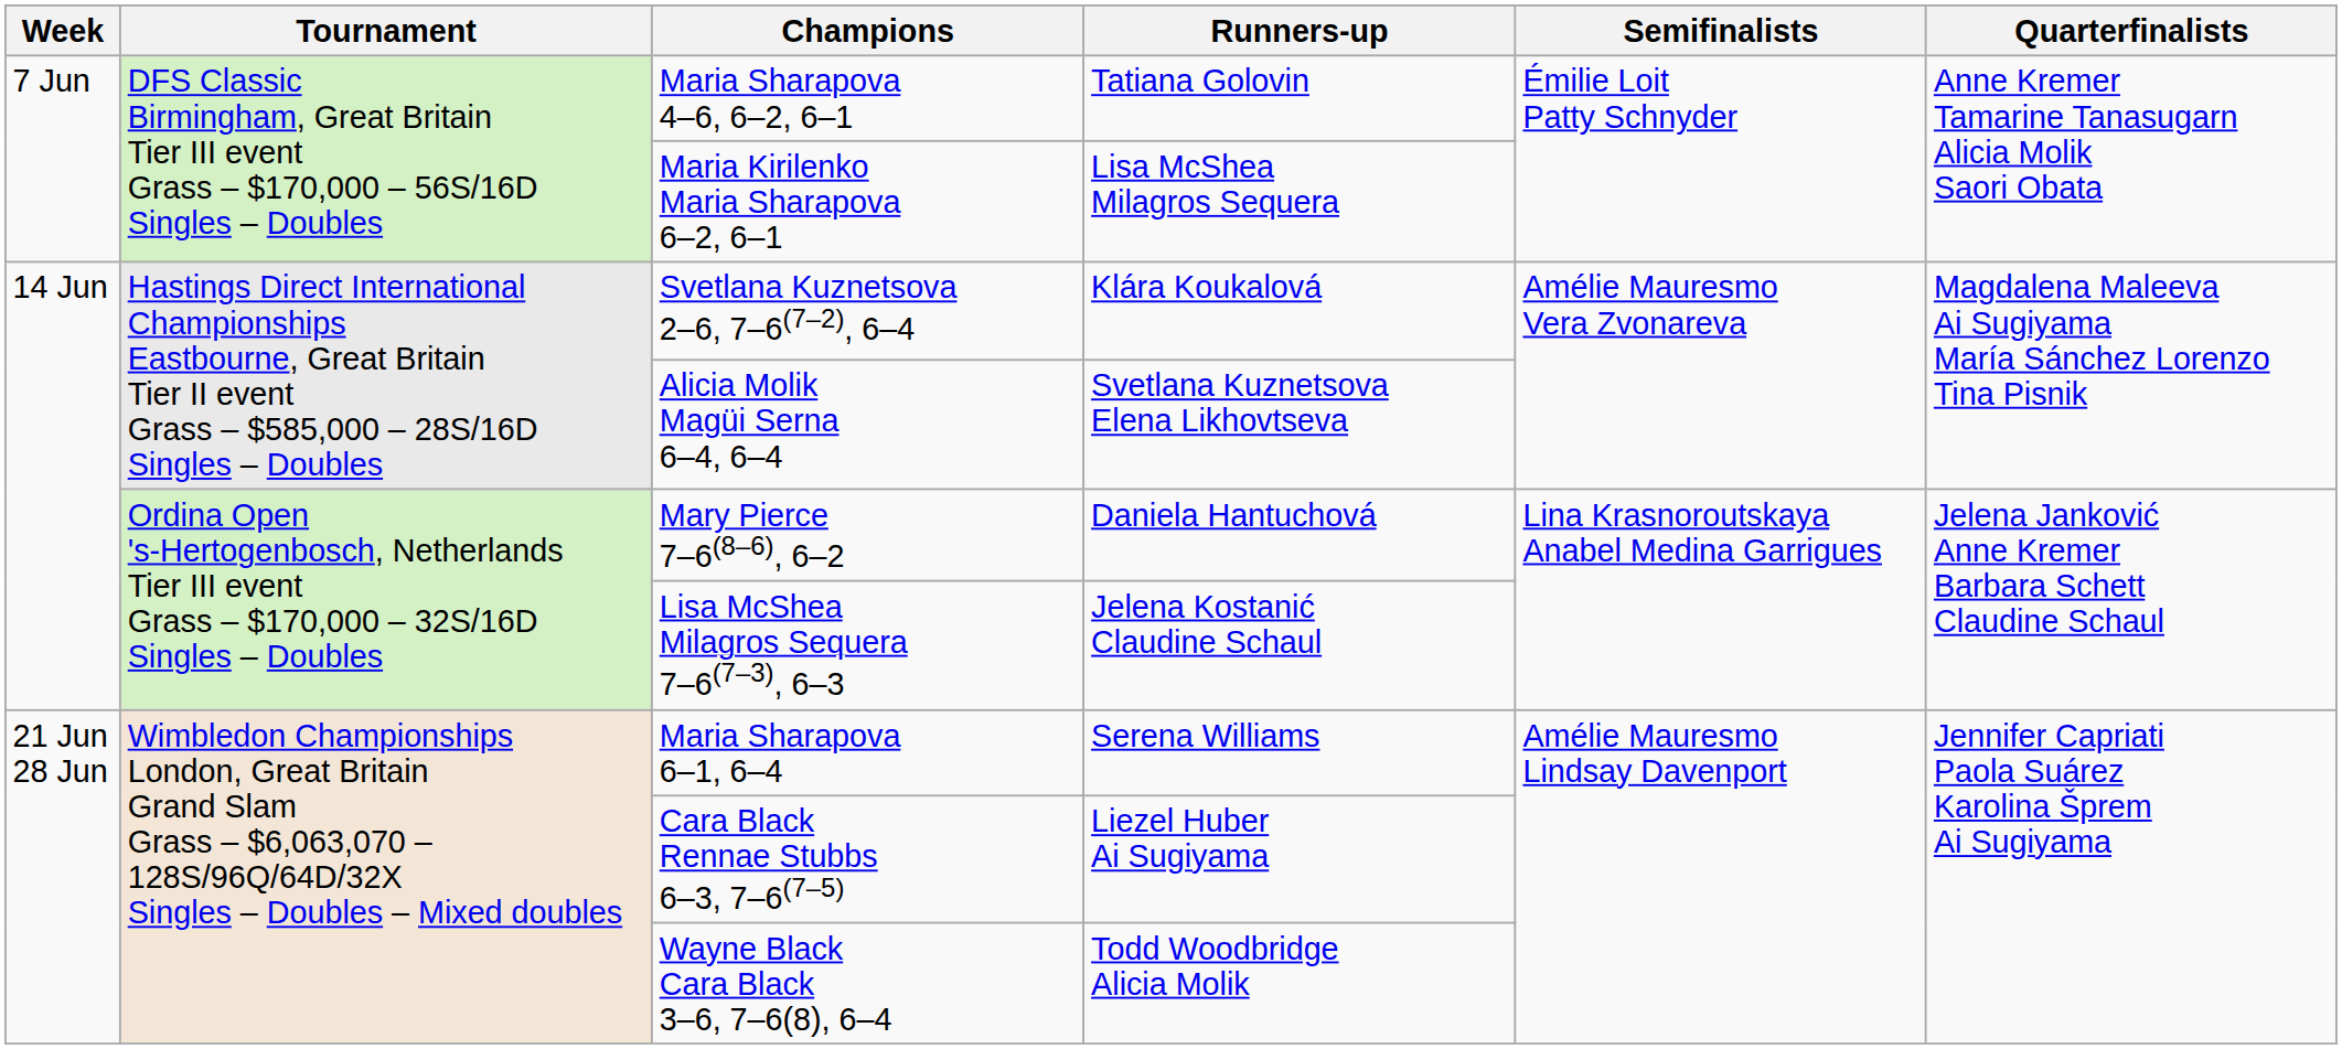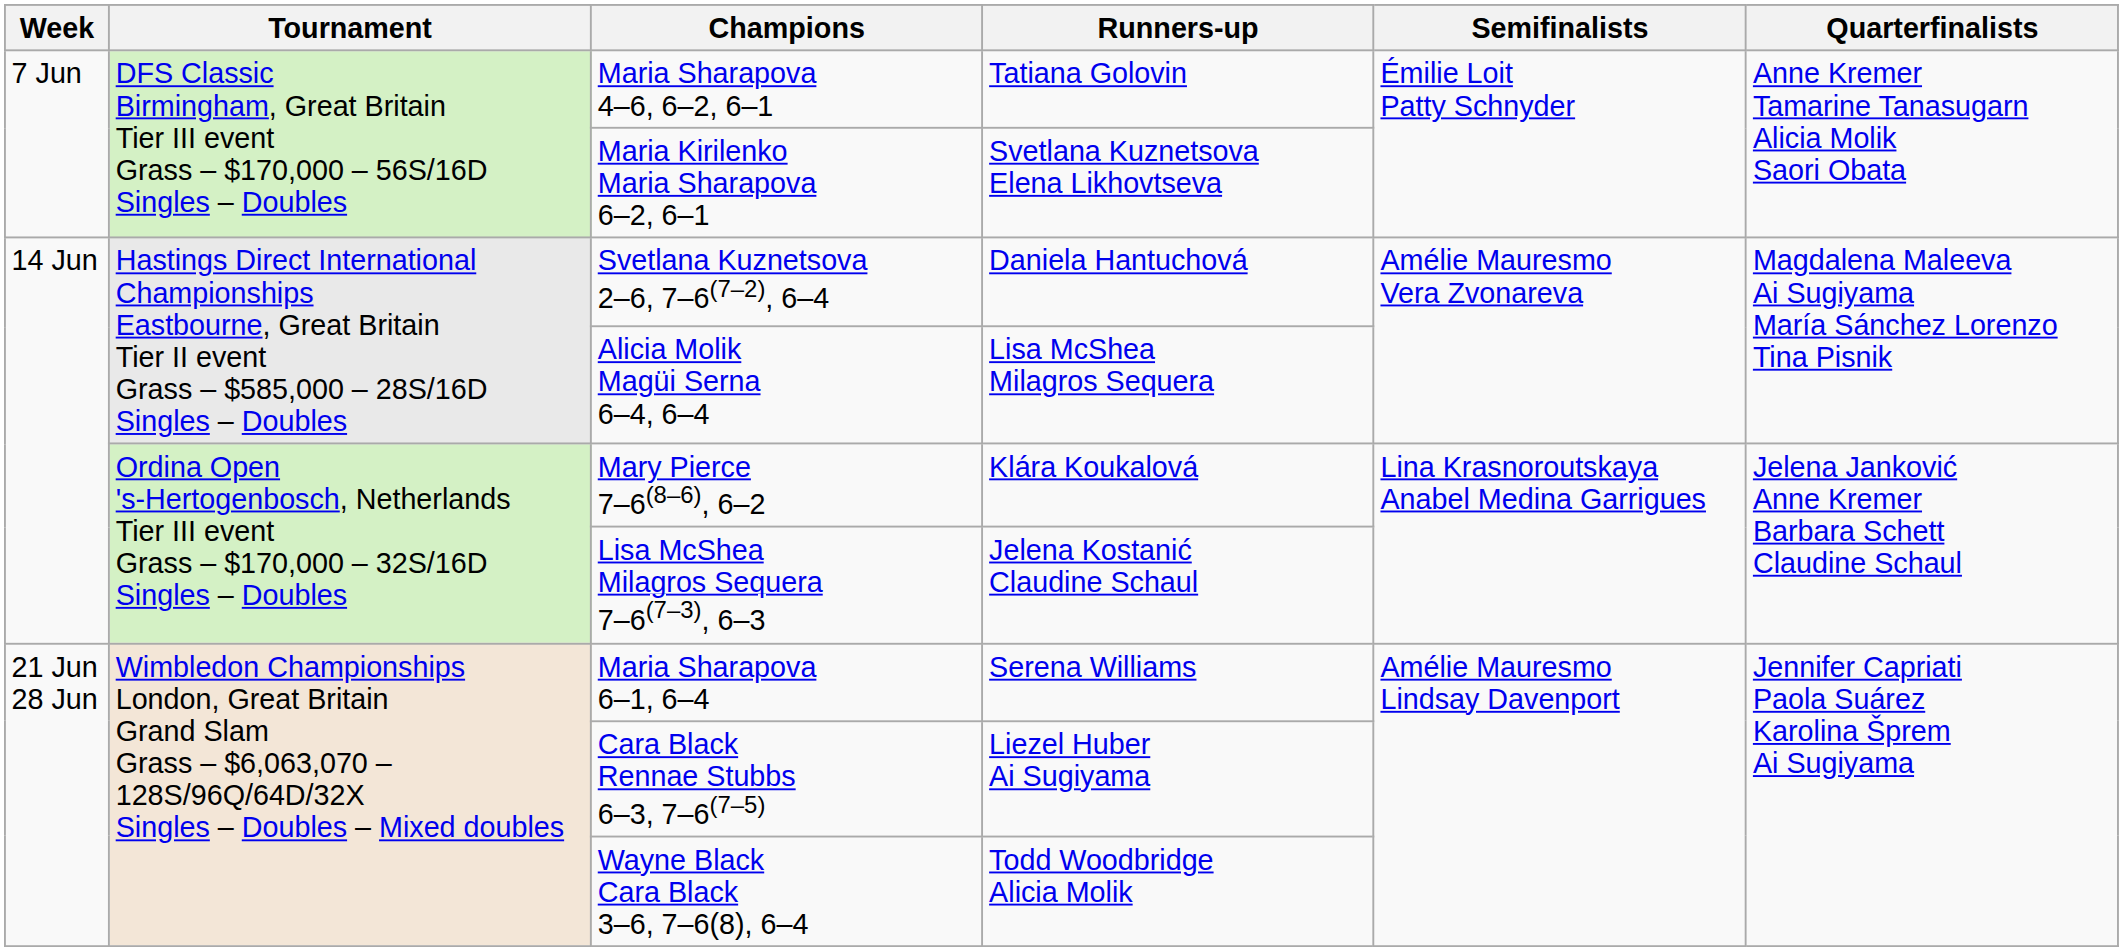 <table class=wikitable style=font-size:95%>
 <tr>
 <th style="width:48px;">Week</th>
 <th style="width:248px;">Tournament</th>
 <th style="width:200px;">Champions</th>
 <th style="width:200px;">Runners-up</th>
 <th style="width:190px;">Semifinalists</th>
 <th style="width:190px;">Quarterfinalists</th>
 </tr>
 <tr valign="top">
 <td rowspan=2>7 Jun</td>
 <td rowspan=2 style="background:#d4f1c5;"><a href='#'>DFS Classic</a><br> <a href='#'>Birmingham</a>, Great Britain <br>Tier III event <br> Grass – $170,000 – 56S/16D<br> <a href='#'>Singles</a> – <a href='#'>Doubles</a></td>
 <td> <a href='#'>Maria Sharapova</a> <br> 4–6, 6–2, 6–1</td>
 <td> <a href='#'>Tatiana Golovin</a></td>
 <td rowspan=2> <a href='#'>Émilie Loit</a><br> <a href='#'>Patty Schnyder</a></td>
 <td rowspan=2> <a href='#'>Anne Kremer</a>  <br>  <a href='#'>Tamarine Tanasugarn</a> <br> <a href='#'>Alicia Molik</a><br>   <a href='#'>Saori Obata</a></td>
 </tr>
 <tr valign="top">
 <td> <a href='#'>Maria Kirilenko</a> <br>  <a href='#'>Maria Sharapova</a><br>6–2, 6–1</td>
-<td> <a href='#'>Lisa McShea</a> <br>  <a href='#'>Milagros Sequera</a></td>
+<td> <a href='#'>Svetlana Kuznetsova</a> <br>  <a href='#'>Elena Likhovtseva</a></td>
 </tr>
 <tr valign="top">
 <td rowspan=4>14 Jun</td>
 <td rowspan=2 style="background:#e9e9e9;"><a href='#'>Hastings Direct International Championships</a><br> <a href='#'>Eastbourne</a>, Great Britain <br>Tier II event <br> Grass – $585,000 – 28S/16D<br> <a href='#'>Singles</a> – <a href='#'>Doubles</a></td>
 <td> <a href='#'>Svetlana Kuznetsova</a> <br> 2–6, 7–6<sup>(7–2)</sup>, 6–4</td>
-<td> <a href='#'>Klára Koukalová</a></td>
+<td> <a href='#'>Daniela Hantuchová</a></td>
 <td rowspan=2> <a href='#'>Amélie Mauresmo</a><br> <a href='#'>Vera Zvonareva</a></td>
 <td rowspan=2> <a href='#'>Magdalena Maleeva</a>  <br>  <a href='#'>Ai Sugiyama</a> <br> <a href='#'>María Sánchez Lorenzo</a><br>   <a href='#'>Tina Pisnik</a></td>
 </tr>
 <tr valign="top">
 <td> <a href='#'>Alicia Molik</a> <br>  <a href='#'>Magüi Serna</a><br>6–4, 6–4</td>
-<td> <a href='#'>Svetlana Kuznetsova</a> <br>  <a href='#'>Elena Likhovtseva</a></td>
+<td> <a href='#'>Lisa McShea</a> <br>  <a href='#'>Milagros Sequera</a></td>
 </tr>
 <tr valign="top">
 <td rowspan=2 style="background:#d4f1c5;"><a href='#'>Ordina Open</a><br> <a href='#'>'s-Hertogenbosch</a>, Netherlands <br>Tier III event <br> Grass – $170,000 – 32S/16D<br><a href='#'>Singles</a> – <a href='#'>Doubles</a></td>
 <td> <a href='#'>Mary Pierce</a> <br> 7–6<sup>(8–6)</sup>, 6–2</td>
-<td> <a href='#'>Daniela Hantuchová</a></td>
+<td> <a href='#'>Klára Koukalová</a></td>
 <td rowspan=2> <a href='#'>Lina Krasnoroutskaya</a><br> <a href='#'>Anabel Medina Garrigues</a></td>
 <td rowspan=2> <a href='#'>Jelena Janković</a>  <br>  <a href='#'>Anne Kremer</a> <br> <a href='#'>Barbara Schett</a><br>   <a href='#'>Claudine Schaul</a></td>
 </tr>
 <tr valign="top">
 <td> <a href='#'>Lisa McShea</a> <br>  <a href='#'>Milagros Sequera</a><br>7–6<sup>(7–3)</sup>, 6–3</td>
 <td> <a href='#'>Jelena Kostanić</a> <br>  <a href='#'>Claudine Schaul</a></td>
 </tr>
 <tr valign="top">
 <td rowspan=3>21 Jun<br>28 Jun</td>
 <td rowspan=3 bgcolor=#F3E6D7><a href='#'>Wimbledon Championships</a><br>  London, Great Britain <br>Grand Slam<br> Grass – $6,063,070 – 128S/96Q/64D/32X<br><a href='#'>Singles</a> – <a href='#'>Doubles</a> – <a href='#'>Mixed doubles</a></td>
 <td> <a href='#'>Maria Sharapova</a> <br> 6–1, 6–4</td>
 <td> <a href='#'>Serena Williams</a></td>
 <td rowspan=3> <a href='#'>Amélie Mauresmo</a><br> <a href='#'>Lindsay Davenport</a></td>
 <td rowspan=3> <a href='#'>Jennifer Capriati</a>  <br>  <a href='#'>Paola Suárez</a> <br> <a href='#'>Karolina Šprem</a><br>   <a href='#'>Ai Sugiyama</a></td>
 </tr>
 <tr valign="top">
 <td> <a href='#'>Cara Black</a> <br>  <a href='#'>Rennae Stubbs</a><br>6–3, 7–6<sup>(7–5)</sup></td>
 <td> <a href='#'>Liezel Huber</a> <br>  <a href='#'>Ai Sugiyama</a></td>
 </tr>
 <tr valign="top">
 <td> <a href='#'>Wayne Black</a> <br>  <a href='#'>Cara Black</a><br>3–6, 7–6(8), 6–4</td>
 <td> <a href='#'>Todd Woodbridge</a> <br>  <a href='#'>Alicia Molik</a></td>
 </tr>
 </table>
